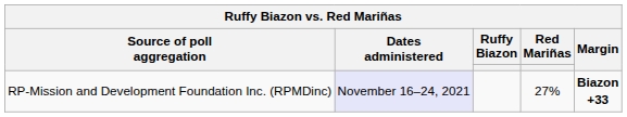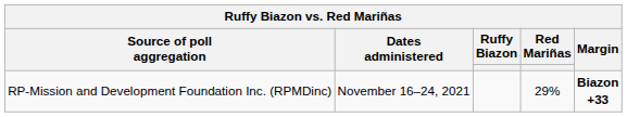 <table class="wikitable sortable nowrap" style="text-align:center;font-size:90%;line-height:20px">
 <tr>
 <th colspan="9">Ruffy Biazon vs. Red Mariñas</th>
 </tr>
 <tr style="line-height:1.2">
 <th rowspan="2">Source of poll<br>aggregation</th>
 <th rowspan="2">Dates<br>administered</th>
 <th>Ruffy<br>Biazon</th>
 <th>Red<br>Mariñas</th>
 <th rowspan="2">Margin</th>
 </tr>
 <tr>
 <th style="background:"></th>
 <th style="background:"></th>
 </tr>
 <tr>
 <td>RP-Mission and Development Foundation Inc. (RPMDinc)</td>
-<td style="background: lavender;">November 16–24, 2021</td>
+<td>November 16–24, 2021</td>
 <td style="background:#"><strong></strong></td>
-<td>27%</td>
+<td>29%</td>
 <td style="background:#"><strong>Biazon<br>+33</strong></td>
 </tr>
 </table>
